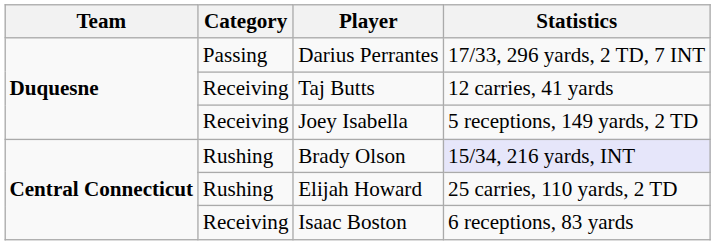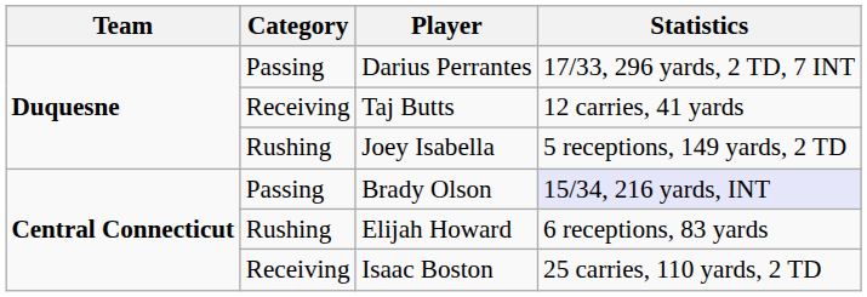 <table class="wikitable" style="float: right;">
 <tr>
 <th>Team</th>
 <th>Category</th>
 <th>Player</th>
 <th>Statistics</th>
 </tr>
 <tr>
 <td rowspan=3><strong>Duquesne</strong></td>
 <td>Passing</td>
 <td>Darius Perrantes</td>
 <td>17/33, 296 yards, 2 TD, 7 INT</td>
 </tr>
 <tr>
 <td>Receiving</td>
 <td>Taj Butts</td>
 <td>12 carries, 41 yards</td>
 </tr>
 <tr>
-<td>Receiving</td>
+<td>Rushing</td>
 <td>Joey Isabella</td>
 <td>5 receptions, 149 yards, 2 TD</td>
 </tr>
 <tr>
 <td rowspan=3><strong>Central Connecticut</strong></td>
-<td>Rushing</td>
+<td>Passing</td>
 <td>Brady Olson</td>
 <td style="background: lavender;">15/34, 216 yards, INT</td>
 </tr>
 <tr>
 <td>Rushing</td>
 <td>Elijah Howard</td>
-<td>25 carries, 110 yards, 2 TD</td>
+<td>6 receptions, 83 yards</td>
 </tr>
 <tr>
 <td>Receiving</td>
 <td>Isaac Boston</td>
-<td>6 receptions, 83 yards</td>
+<td>25 carries, 110 yards, 2 TD</td>
 </tr>
 </table>
